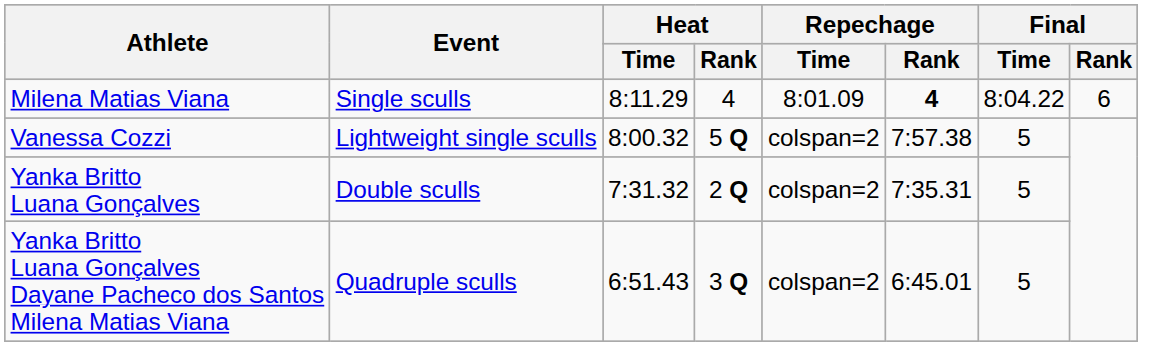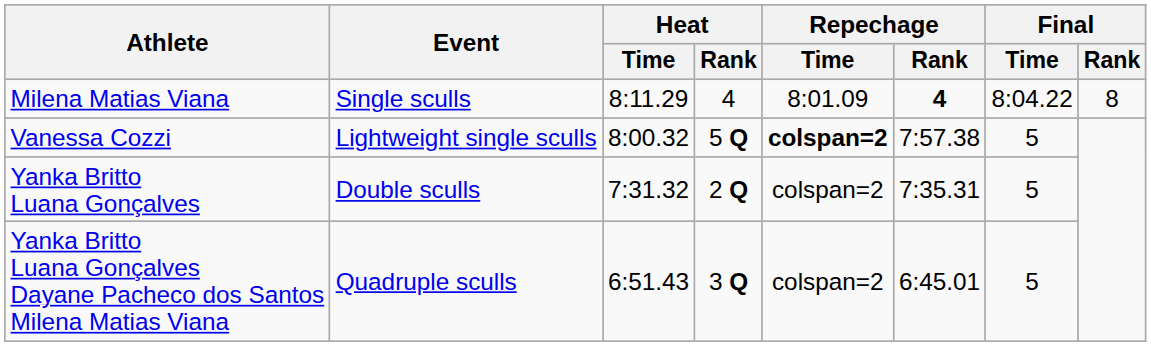 <table class=wikitable style=font-size:90%;text-align:center>
 <tr>
 <th rowspan=2>Athlete</th>
 <th rowspan=2>Event</th>
 <th colspan=2>Heat</th>
 <th colspan=2>Repechage</th>
 <th colspan=2>Final</th>
 </tr>
 <tr style=font-size:95%>
 <th>Time</th>
 <th>Rank</th>
 <th>Time</th>
 <th>Rank</th>
 <th>Time</th>
 <th>Rank</th>
 </tr>
 <tr>
 <td align=left><a href='#'>Milena Matias Viana</a></td>
 <td align=left><a href='#'>Single sculls</a></td>
 <td>8:11.29</td>
 <td>4</td>
 <td>8:01.09</td>
 <td><strong>4</strong></td>
 <td>8:04.22</td>
-<td>6</td>
+<td>8</td>
 </tr>
 <tr>
 <td align=left><a href='#'>Vanessa Cozzi</a></td>
 <td align=left><a href='#'>Lightweight single sculls</a></td>
 <td>8:00.32</td>
 <td>5 <strong>Q</strong></td>
-<td>colspan=2 </td>
+<td><strong>colspan=2 </strong></td>
 <td>7:57.38</td>
 <td>5</td>
 </tr>
 <tr>
 <td align=left><a href='#'>Yanka Britto</a><br><a href='#'>Luana Gonçalves</a></td>
 <td align=left><a href='#'>Double sculls</a></td>
 <td>7:31.32</td>
 <td>2 <strong>Q</strong></td>
 <td>colspan=2 </td>
 <td>7:35.31</td>
 <td>5</td>
 </tr>
 <tr>
 <td align=left><a href='#'>Yanka Britto</a><br><a href='#'>Luana Gonçalves</a><br><a href='#'>Dayane Pacheco dos Santos</a><br><a href='#'>Milena Matias Viana</a></td>
 <td align=left><a href='#'>Quadruple sculls</a></td>
 <td>6:51.43</td>
 <td>3 <strong>Q</strong></td>
 <td>colspan=2 </td>
 <td>6:45.01</td>
 <td>5</td>
 </tr>
 </table>
